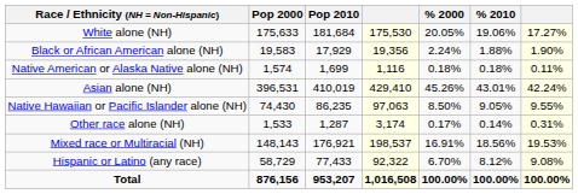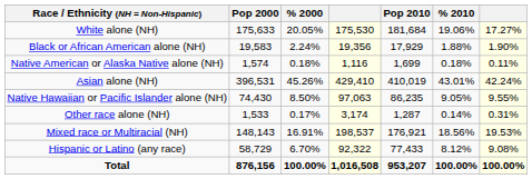 <table class="wikitable" style="text-align:center;">
 <tr>
 <th>Race / Ethnicity <small>(<em>NH = Non-Hispanic</em>)</small></th>
 <th>Pop 2000</th>
+<th>% 2000</th>
+<th></th>
 <th>Pop 2010</th>
-<th></th>
-<th>% 2000</th>
 <th>% 2010</th>
 <th></th>
 </tr>
 <tr>
 <td><a href='#'>White</a> alone (NH)</td>
 <td>175,633</td>
+<td>20.05%</td>
+<td style='background: #ffffe6;'>175,530</td>
 <td>181,684</td>
-<td style='background: #ffffe6;'>175,530</td>
-<td>20.05%</td>
 <td>19.06%</td>
 <td style='background: #ffffe6;'>17.27%</td>
 </tr>
 <tr>
 <td><a href='#'>Black or African American</a> alone (NH)</td>
 <td>19,583</td>
+<td>2.24%</td>
+<td style='background: #ffffe6;'>19,356</td>
 <td>17,929</td>
-<td style='background: #ffffe6;'>19,356</td>
-<td>2.24%</td>
 <td>1.88%</td>
 <td style='background: #ffffe6;'>1.90%</td>
 </tr>
 <tr>
 <td><a href='#'>Native American</a> or <a href='#'>Alaska Native</a> alone (NH)</td>
 <td>1,574</td>
+<td>0.18%</td>
+<td style='background: #ffffe6;'>1,116</td>
 <td>1,699</td>
-<td style='background: #ffffe6;'>1,116</td>
-<td>0.18%</td>
 <td>0.18%</td>
 <td style='background: #ffffe6;'>0.11%</td>
 </tr>
 <tr>
 <td><a href='#'>Asian</a> alone (NH)</td>
 <td>396,531</td>
+<td>45.26%</td>
+<td style='background: #ffffe6;'>429,410</td>
 <td>410,019</td>
-<td style='background: #ffffe6;'>429,410</td>
-<td>45.26%</td>
 <td>43.01%</td>
 <td style='background: #ffffe6;'>42.24%</td>
 </tr>
 <tr>
 <td><a href='#'>Native Hawaiian</a> or <a href='#'>Pacific Islander</a> alone (NH)</td>
 <td>74,430</td>
+<td>8.50%</td>
+<td style='background: #ffffe6;'>97,063</td>
 <td>86,235</td>
-<td style='background: #ffffe6;'>97,063</td>
-<td>8.50%</td>
 <td>9.05%</td>
 <td style='background: #ffffe6;'>9.55%</td>
 </tr>
 <tr>
 <td><a href='#'>Other race</a> alone (NH)</td>
 <td>1,533</td>
+<td>0.17%</td>
+<td style='background: #ffffe6;'>3,174</td>
 <td>1,287</td>
-<td style='background: #ffffe6;'>3,174</td>
-<td>0.17%</td>
 <td>0.14%</td>
 <td style='background: #ffffe6;'>0.31%</td>
 </tr>
 <tr>
 <td><a href='#'>Mixed race or Multiracial</a> (NH)</td>
 <td>148,143</td>
+<td>16.91%</td>
+<td style='background: #ffffe6;'>198,537</td>
 <td>176,921</td>
-<td style='background: #ffffe6;'>198,537</td>
-<td>16.91%</td>
 <td>18.56%</td>
 <td style='background: #ffffe6;'>19.53%</td>
 </tr>
 <tr>
 <td><a href='#'>Hispanic or Latino</a> (any race)</td>
 <td>58,729</td>
+<td>6.70%</td>
+<td style='background: #ffffe6;'>92,322</td>
 <td>77,433</td>
-<td style='background: #ffffe6;'>92,322</td>
-<td>6.70%</td>
 <td>8.12%</td>
 <td style='background: #ffffe6;'>9.08%</td>
 </tr>
 <tr>
 <td><strong>Total</strong></td>
 <td><strong>876,156</strong></td>
+<td><strong>100.00%</strong></td>
+<td style='background: #ffffe6;'><strong>1,016,508</strong></td>
 <td><strong>953,207</strong></td>
-<td style='background: #ffffe6;'><strong>1,016,508</strong></td>
-<td><strong>100.00%</strong></td>
 <td><strong>100.00%</strong></td>
 <td style='background: #ffffe6;'><strong>100.00%</strong></td>
 </tr>
 </table>
